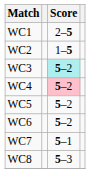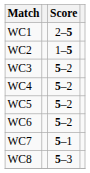 <table class="wikitable" style="font-size: 100%; margin: 1em auto 1em auto;">
 <tr>
 <th>Match</th>
 <th></th>
 <th>Score</th>
 <th></th>
 </tr>
 <tr>
 <td>WC1</td>
 <td></td>
 <td align="center">2–<strong>5</strong></td>
 <td><strong></strong></td>
 </tr>
 <tr>
 <td>WC2</td>
 <td></td>
 <td align="center">1–<strong>5</strong></td>
 <td><strong></strong></td>
 </tr>
 <tr>
 <td>WC3</td>
 <td><strong></strong></td>
-<td align="center" style="background: paleturquoise;"><strong>5</strong>–2</td>
+<td align="center"><strong>5</strong>–2</td>
 <td></td>
 </tr>
 <tr>
 <td>WC4</td>
 <td><strong></strong></td>
-<td align="center" style="background: pink;"><strong>5</strong>–2</td>
+<td align="center"><strong>5</strong>–2</td>
 <td></td>
 </tr>
 <tr>
 <td>WC5</td>
 <td><strong></strong></td>
 <td align="center"><strong>5</strong>–2</td>
 <td></td>
 </tr>
 <tr>
 <td>WC6</td>
 <td><strong></strong></td>
 <td align="center"><strong>5</strong>–2</td>
 <td></td>
 </tr>
 <tr>
 <td>WC7</td>
 <td><strong></strong></td>
 <td align="center"><strong>5</strong>–1</td>
 <td></td>
 </tr>
 <tr>
 <td>WC8</td>
 <td><strong></strong></td>
 <td align="center"><strong>5</strong>–3</td>
 <td></td>
 </tr>
 <tr>
 </tr>
 </table>
